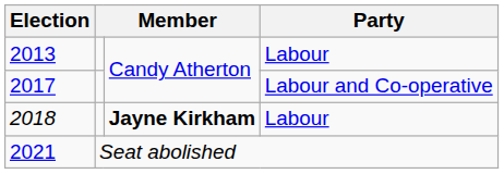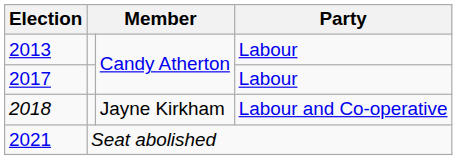 <table class="wikitable">
 <tr>
 <th>Election</th>
 <th colspan="2">Member</th>
 <th>Party</th>
 </tr>
 <tr>
 <td><a href='#'>2013</a></td>
 <td rowspan="1" style="background-color: "></td>
 <td rowspan="2"><a href='#'>Candy Atherton</a></td>
 <td rowspan="1"><a href='#'>Labour</a></td>
 </tr>
 <tr>
 <td><a href='#'>2017</a></td>
 <td rowspan="1" style="background-color: "></td>
-<td rowspan="1"><a href='#'>Labour and Co-operative</a></td>
+<td rowspan="1"><a href='#'>Labour</a></td>
 </tr>
 <tr>
 <td><em>2018</em></td>
 <td rowspan="1" style="background-color: "></td>
-<td rowspan="1"><strong>Jayne Kirkham</strong></td>
-<td rowspan="1"><a href='#'>Labour</a></td>
+<td rowspan="1">Jayne Kirkham</td>
+<td rowspan="1"><a href='#'>Labour and Co-operative</a></td>
 </tr>
 <tr>
 <td><a href='#'>2021</a></td>
 <td colspan="3"><em>Seat abolished</em></td>
 </tr>
 </table>
